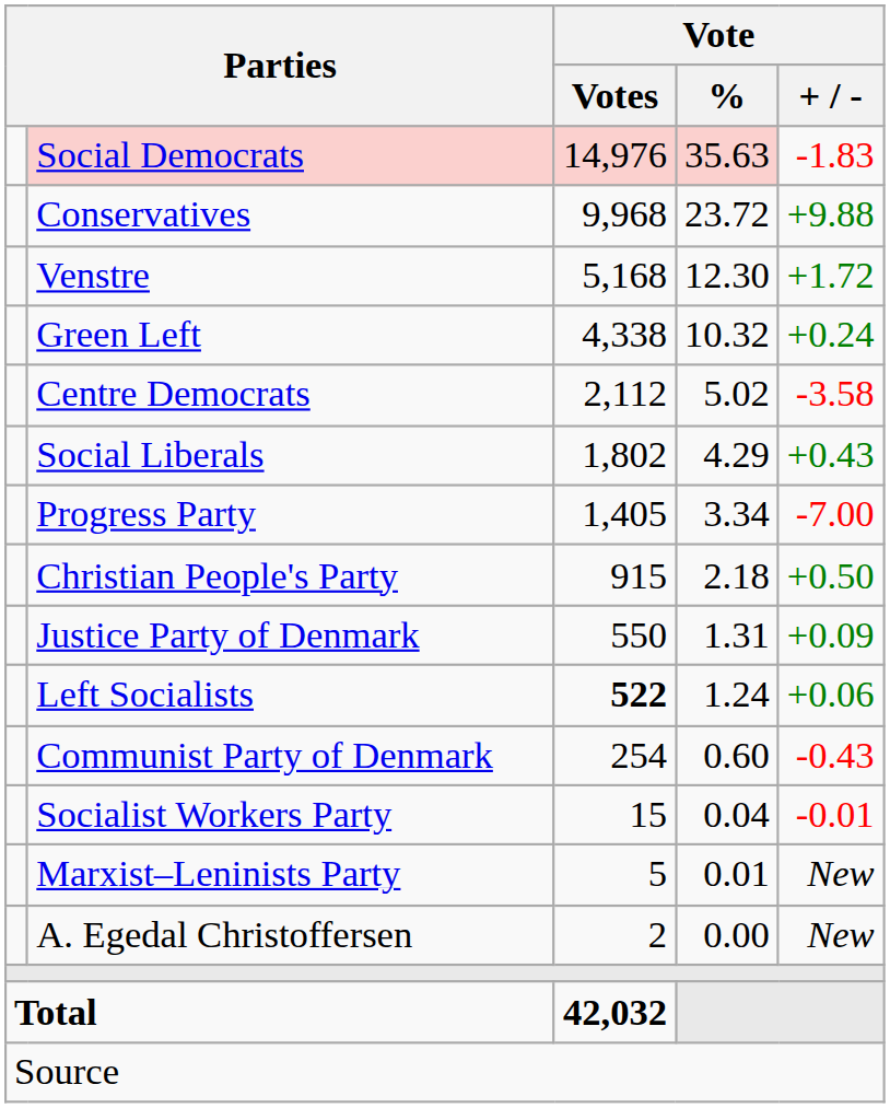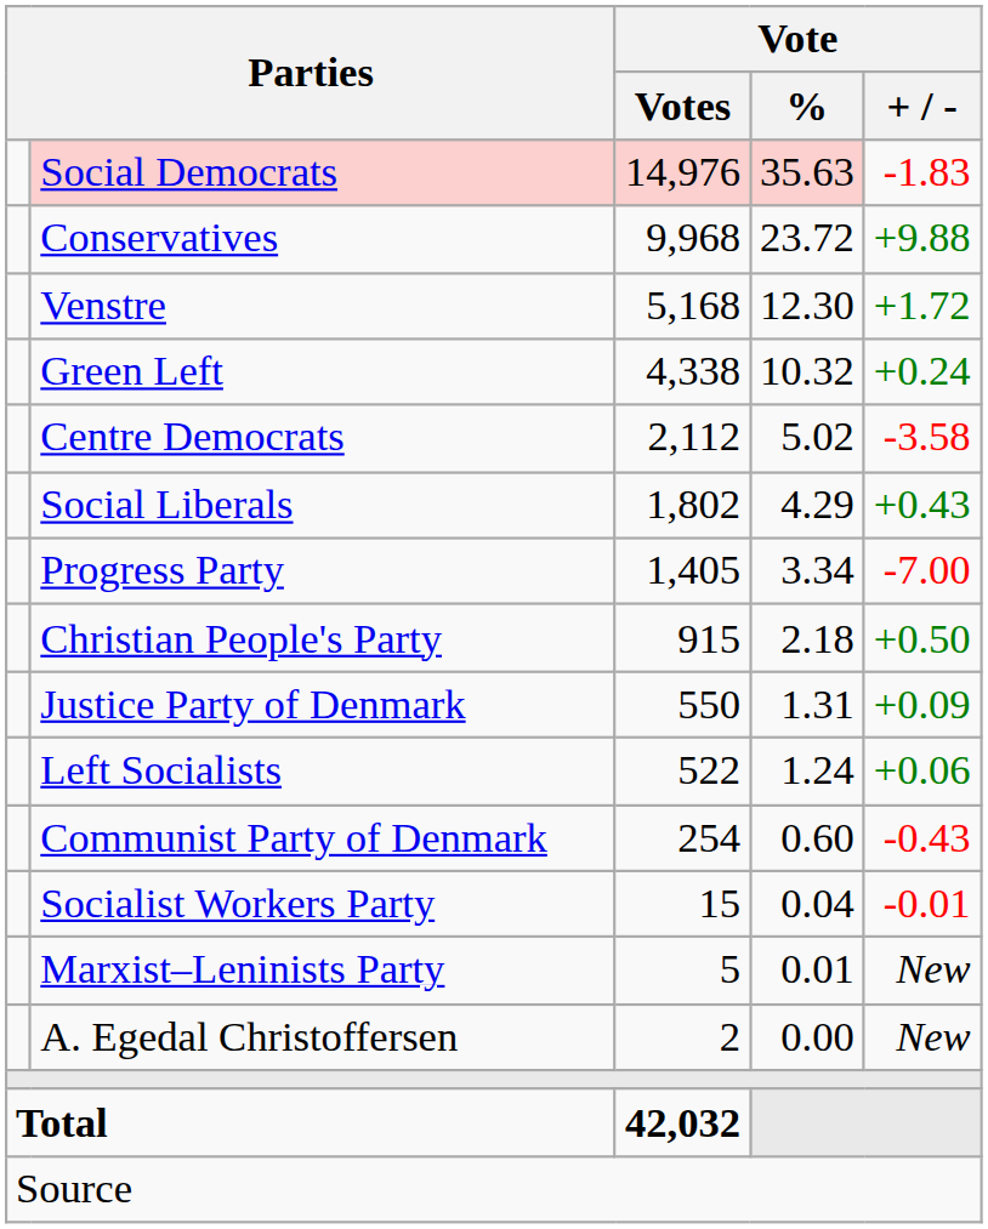 <table class="wikitable" style="text-align:right;">
 <tr>
 <th style="text-align:centre;" rowspan="2" colspan="2" width="225">Parties</th>
 <th colspan="3">Vote</th>
 </tr>
 <tr>
 <th width="15">Votes</th>
 <th width="15">%</th>
 <th width="15">+ / -</th>
 </tr>
 <tr>
 <td width="2" style="color:inherit;background:"></td>
 <td bgcolor=#fbd0ce  align="left"><a href='#'>Social Democrats</a></td>
 <td bgcolor=#fbd0ce>14,976</td>
 <td bgcolor=#fbd0ce>35.63</td>
 <td style=color:red;>-1.83</td>
 </tr>
 <tr>
 <td width="2" style="color:inherit;background:"></td>
 <td align="left"><a href='#'>Conservatives</a></td>
 <td>9,968</td>
 <td>23.72</td>
 <td style=color:green;>+9.88</td>
 </tr>
 <tr>
 <td width="2" style="color:inherit;background:"></td>
 <td align="left"><a href='#'>Venstre</a></td>
 <td>5,168</td>
 <td>12.30</td>
 <td style=color:green;>+1.72</td>
 </tr>
 <tr>
 <td width="2" style="color:inherit;background:"></td>
 <td align="left"><a href='#'>Green Left</a></td>
 <td>4,338</td>
 <td>10.32</td>
 <td style=color:green;>+0.24</td>
 </tr>
 <tr>
 <td width="2" style="color:inherit;background:"></td>
 <td align="left"><a href='#'>Centre Democrats</a></td>
 <td>2,112</td>
 <td>5.02</td>
 <td style=color:red;>-3.58</td>
 </tr>
 <tr>
 <td width="2" style="color:inherit;background:"></td>
 <td align="left"><a href='#'>Social Liberals</a></td>
 <td>1,802</td>
 <td>4.29</td>
 <td style=color:green;>+0.43</td>
 </tr>
 <tr>
 <td width="2" style="color:inherit;background:"></td>
 <td align="left"><a href='#'>Progress Party</a></td>
 <td>1,405</td>
 <td>3.34</td>
 <td style=color:red;>-7.00</td>
 </tr>
 <tr>
 <td width="2" style="color:inherit;background:"></td>
 <td align="left"><a href='#'>Christian People's Party</a></td>
 <td>915</td>
 <td>2.18</td>
 <td style=color:green;>+0.50</td>
 </tr>
 <tr>
 <td width="2" style="color:inherit;background:"></td>
 <td align="left"><a href='#'>Justice Party of Denmark</a></td>
 <td>550</td>
 <td>1.31</td>
 <td style=color:green;>+0.09</td>
 </tr>
 <tr>
 <td width="2" style="color:inherit;background:"></td>
 <td align="left"><a href='#'>Left Socialists</a></td>
-<td><strong>522</strong></td>
+<td>522</td>
 <td>1.24</td>
 <td style=color:green;>+0.06</td>
 </tr>
 <tr>
 <td width="2" style="color:inherit;background:"></td>
 <td align="left"><a href='#'>Communist Party of Denmark</a></td>
 <td>254</td>
 <td>0.60</td>
 <td style=color:red;>-0.43</td>
 </tr>
 <tr>
 <td width="2" style="color:inherit;background:"></td>
 <td align="left"><a href='#'>Socialist Workers Party</a></td>
 <td>15</td>
 <td>0.04</td>
 <td style=color:red;>-0.01</td>
 </tr>
 <tr>
 <td width="2" style="color:inherit;background:"></td>
 <td align="left"><a href='#'>Marxist–Leninists Party</a></td>
 <td>5</td>
 <td>0.01</td>
 <td><em>New</em></td>
 </tr>
 <tr>
 <td width="2" style="color:inherit;background:"></td>
 <td align="left">A. Egedal Christoffersen</td>
 <td>2</td>
 <td>0.00</td>
 <td><em>New</em></td>
 </tr>
 <tr>
 <td colspan="7" bgcolor="#E9E9E9"></td>
 </tr>
 <tr>
 <td align="left" colspan="2"><strong>Total</strong></td>
 <td><strong>42,032</strong></td>
 <td bgcolor="#E9E9E9" colspan="2"></td>
 </tr>
 <tr>
 <td align="left" colspan="6">Source</td>
 </tr>
 </table>
